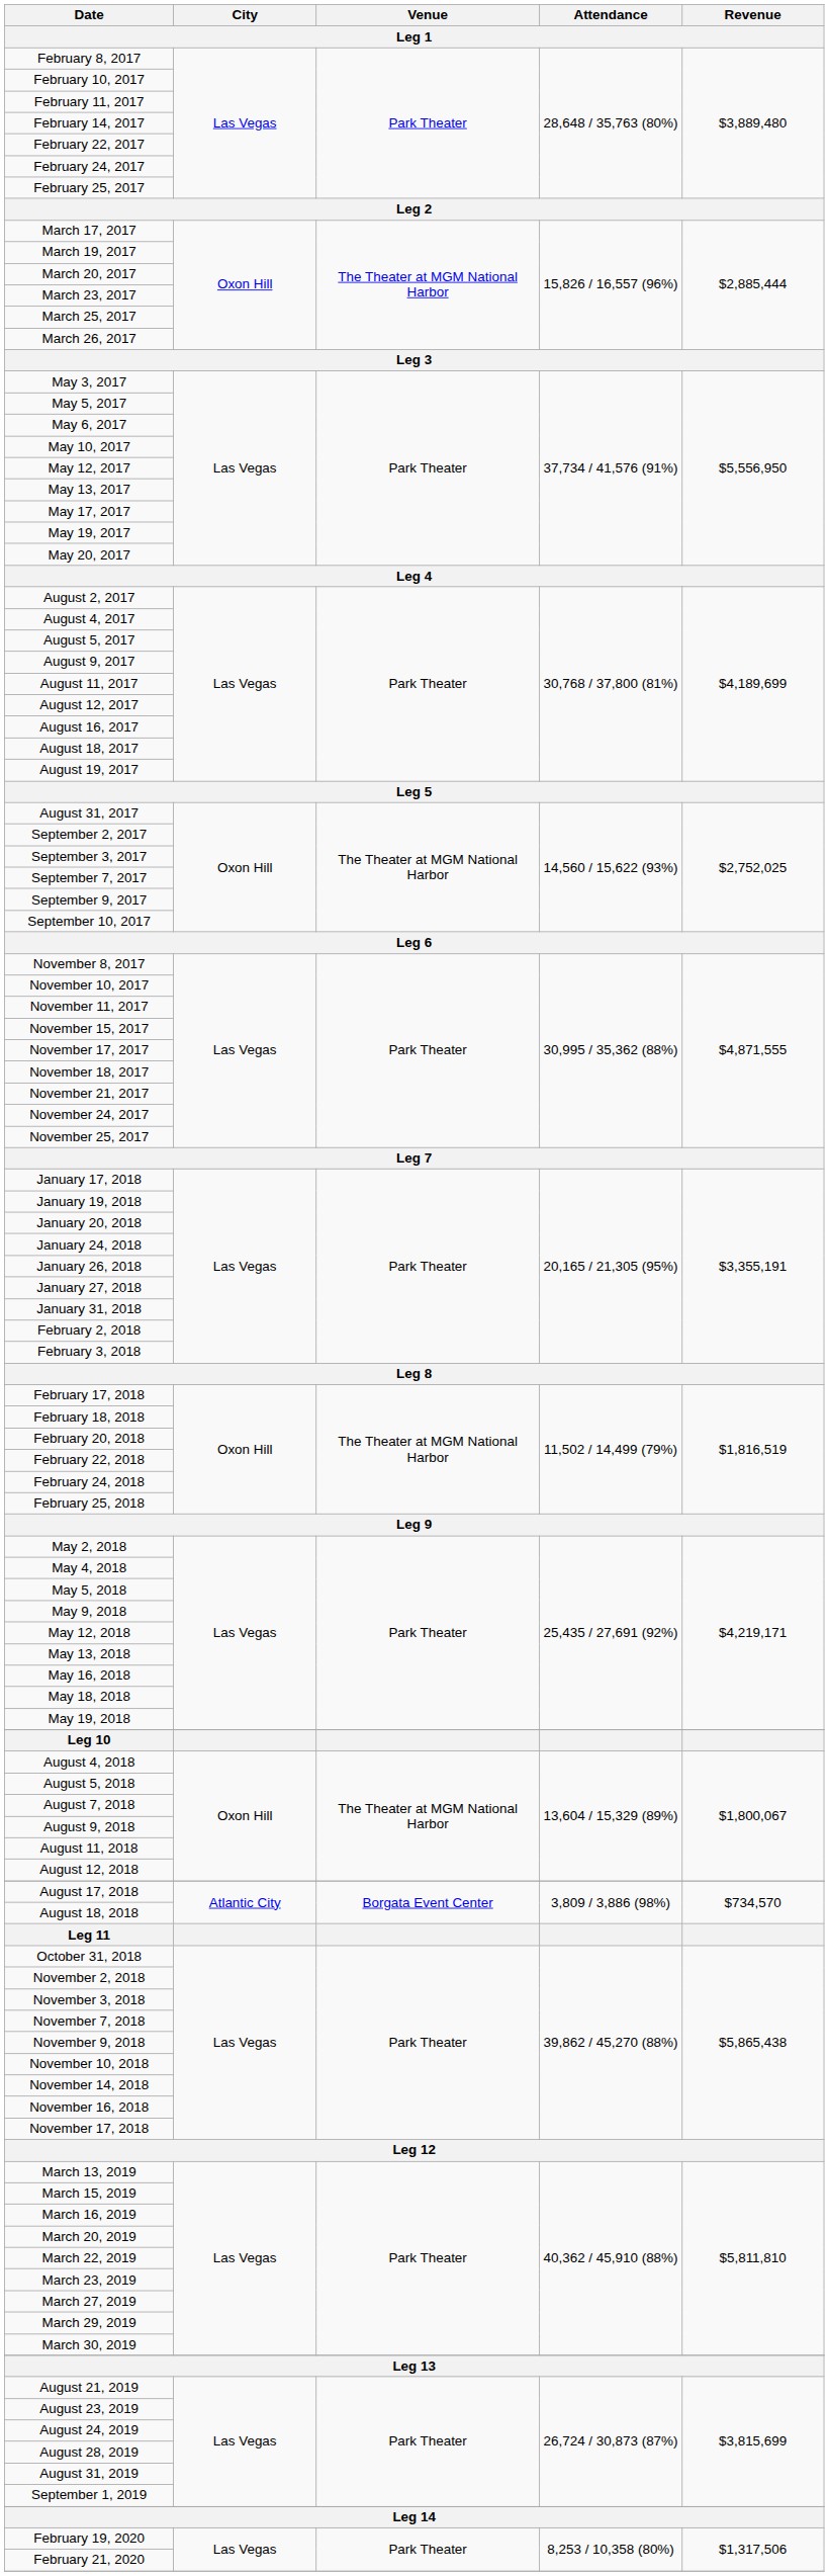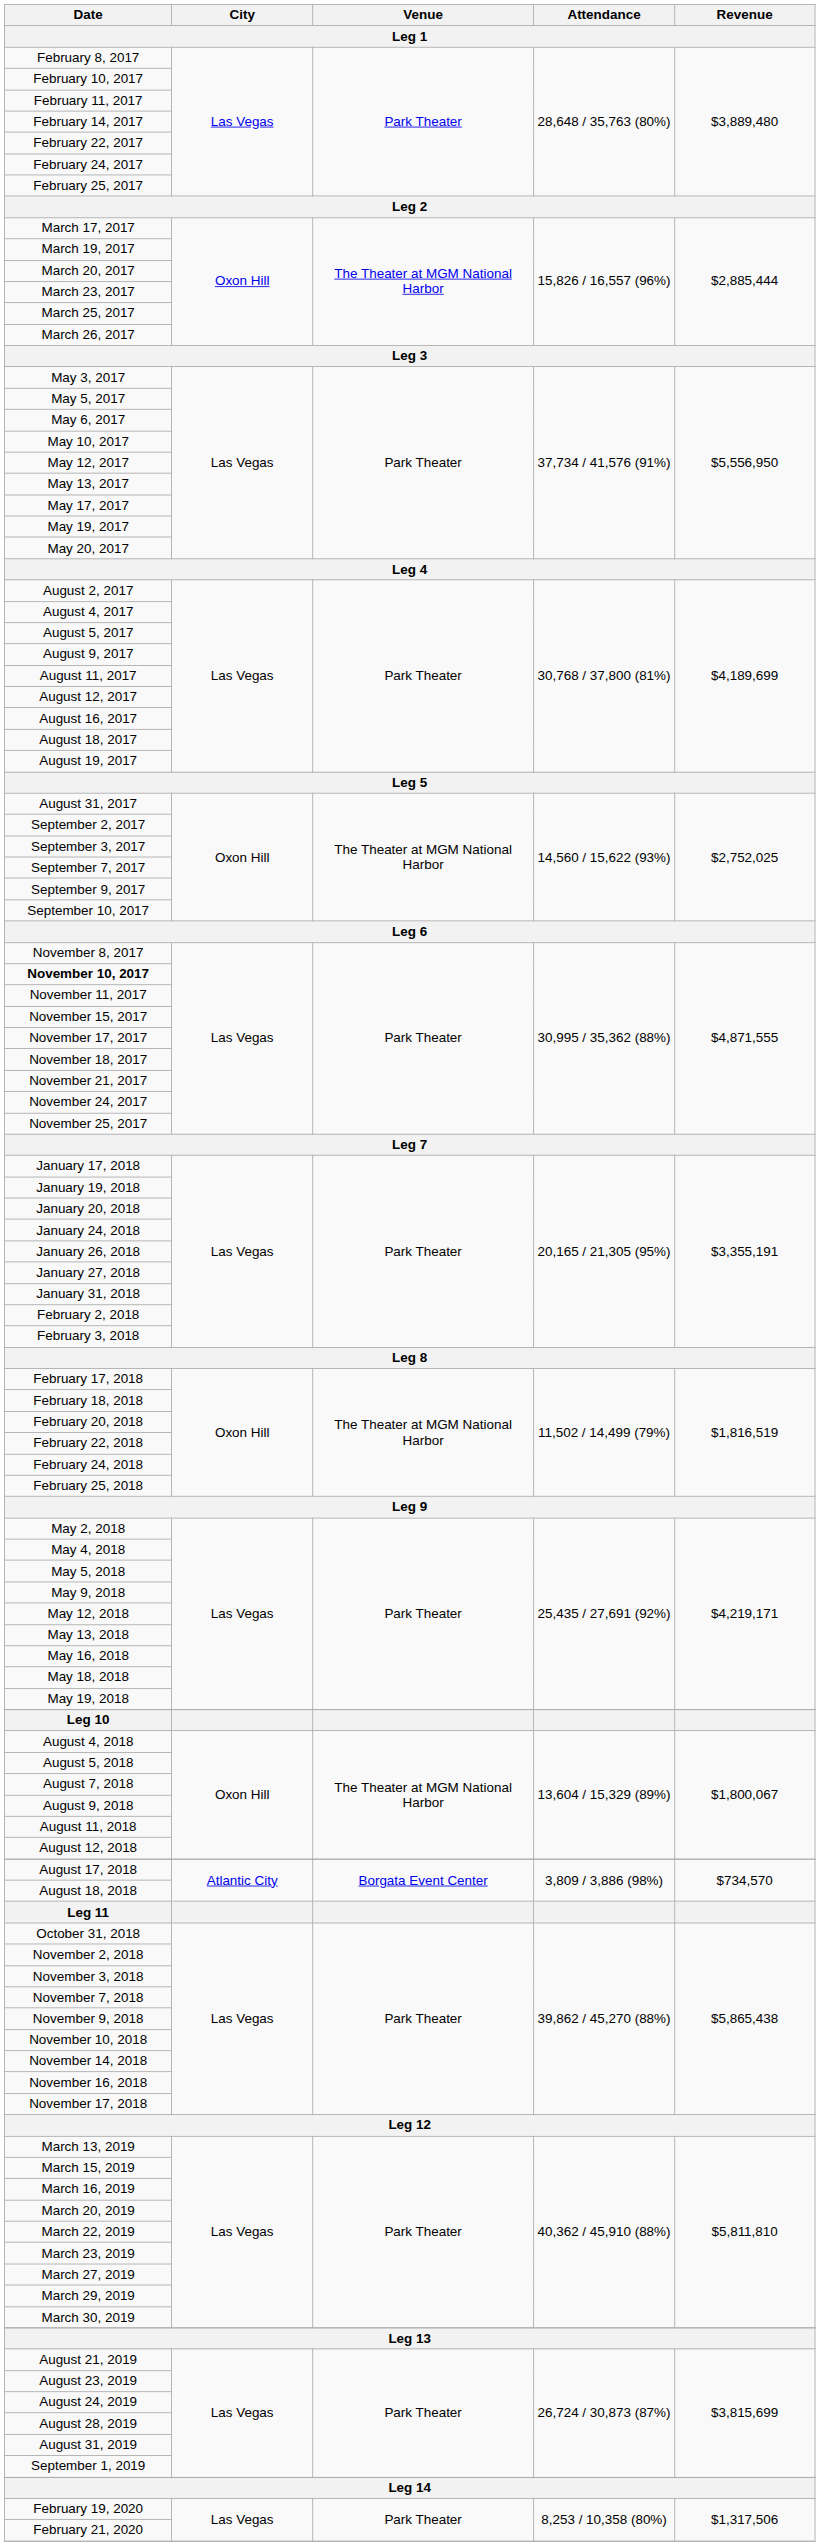 <table class="wikitable plainrowheaders" style="text-align:center;">
 <tr>
 <th scope="col" style="width:12em;">Date</th>
 <th scope="col" style="width:10em;">City</th>
 <th scope="col" style="width:16em;">Venue</th>
 <th scope="col" style="width:10em;">Attendance</th>
 <th scope="col" style="width:10em;">Revenue</th>
 </tr>
 <tr>
 <th colspan="5">Leg 1</th>
 </tr>
 <tr>
 <td>February 8, 2017</td>
 <td rowspan="7"><a href='#'>Las Vegas</a></td>
 <td rowspan="7"><a href='#'>Park Theater</a></td>
 <td rowspan="7">28,648 / 35,763 (80%)</td>
 <td rowspan="7">$3,889,480</td>
 </tr>
 <tr>
 <td>February 10, 2017</td>
 </tr>
 <tr>
 <td>February 11, 2017</td>
 </tr>
 <tr>
 <td>February 14, 2017</td>
 </tr>
 <tr>
 <td>February 22, 2017</td>
 </tr>
 <tr>
 <td>February 24, 2017</td>
 </tr>
 <tr>
 <td>February 25, 2017</td>
 </tr>
 <tr>
 <th colspan="5">Leg 2</th>
 </tr>
 <tr>
 <td>March 17, 2017</td>
 <td rowspan="6"><a href='#'>Oxon Hill</a></td>
 <td rowspan="6"><a href='#'>The Theater at MGM National Harbor</a></td>
 <td rowspan="6">15,826 / 16,557 (96%)</td>
 <td rowspan="6">$2,885,444</td>
 </tr>
 <tr>
 <td>March 19, 2017</td>
 </tr>
 <tr>
 <td>March 20, 2017</td>
 </tr>
 <tr>
 <td>March 23, 2017</td>
 </tr>
 <tr>
 <td>March 25, 2017</td>
 </tr>
 <tr>
 <td>March 26, 2017</td>
 </tr>
 <tr>
 <th colspan="5">Leg 3</th>
 </tr>
 <tr>
 <td>May 3, 2017</td>
 <td rowspan="9">Las Vegas</td>
 <td rowspan="9">Park Theater</td>
 <td rowspan="9">37,734 / 41,576 (91%)</td>
 <td rowspan="9">$5,556,950</td>
 </tr>
 <tr>
 <td>May 5, 2017</td>
 </tr>
 <tr>
 <td>May 6, 2017</td>
 </tr>
 <tr>
 <td>May 10, 2017</td>
 </tr>
 <tr>
 <td>May 12, 2017</td>
 </tr>
 <tr>
 <td>May 13, 2017</td>
 </tr>
 <tr>
 <td>May 17, 2017</td>
 </tr>
 <tr>
 <td>May 19, 2017</td>
 </tr>
 <tr>
 <td>May 20, 2017</td>
 </tr>
 <tr>
 <th colspan="5">Leg 4</th>
 </tr>
 <tr>
 <td>August 2, 2017</td>
 <td rowspan="9">Las Vegas</td>
 <td rowspan="9">Park Theater</td>
 <td rowspan="9">30,768 / 37,800 (81%)</td>
 <td rowspan="9">$4,189,699</td>
 </tr>
 <tr>
 <td>August 4, 2017</td>
 </tr>
 <tr>
 <td>August 5, 2017</td>
 </tr>
 <tr>
 <td>August 9, 2017</td>
 </tr>
 <tr>
 <td>August 11, 2017</td>
 </tr>
 <tr>
 <td>August 12, 2017</td>
 </tr>
 <tr>
 <td>August 16, 2017</td>
 </tr>
 <tr>
 <td>August 18, 2017</td>
 </tr>
 <tr>
 <td>August 19, 2017</td>
 </tr>
 <tr>
 <th colspan="5">Leg 5</th>
 </tr>
 <tr>
 <td>August 31, 2017</td>
 <td rowspan="6">Oxon Hill</td>
 <td rowspan="6">The Theater at MGM National Harbor</td>
 <td rowspan="6">14,560 / 15,622 (93%)</td>
 <td rowspan="6">$2,752,025</td>
 </tr>
 <tr>
 <td>September 2, 2017</td>
 </tr>
 <tr>
 <td>September 3, 2017</td>
 </tr>
 <tr>
 <td>September 7, 2017</td>
 </tr>
 <tr>
 <td>September 9, 2017</td>
 </tr>
 <tr>
 <td>September 10, 2017</td>
 </tr>
 <tr>
 <th colspan="5"><strong>Leg 6</strong></th>
 </tr>
 <tr>
 <td>November 8, 2017</td>
 <td rowspan="9">Las Vegas</td>
 <td rowspan="9">Park Theater</td>
 <td rowspan="9">30,995 / 35,362 (88%)</td>
 <td rowspan="9">$4,871,555</td>
 </tr>
 <tr>
-<td>November 10, 2017</td>
+<td><strong>November 10, 2017</strong></td>
 </tr>
 <tr>
 <td>November 11, 2017</td>
 </tr>
 <tr>
 <td>November 15, 2017</td>
 </tr>
 <tr>
 <td>November 17, 2017</td>
 </tr>
 <tr>
 <td>November 18, 2017</td>
 </tr>
 <tr>
 <td>November 21, 2017</td>
 </tr>
 <tr>
 <td>November 24, 2017</td>
 </tr>
 <tr>
 <td>November 25, 2017</td>
 </tr>
 <tr>
 <th colspan="5"><strong>Leg 7</strong></th>
 </tr>
 <tr>
 <td>January 17, 2018</td>
 <td rowspan="9">Las Vegas</td>
 <td rowspan="9">Park Theater</td>
 <td rowspan="9">20,165 / 21,305 (95%)</td>
 <td rowspan="9">$3,355,191</td>
 </tr>
 <tr>
 <td>January 19, 2018</td>
 </tr>
 <tr>
 <td>January 20, 2018</td>
 </tr>
 <tr>
 <td>January 24, 2018</td>
 </tr>
 <tr>
 <td>January 26, 2018</td>
 </tr>
 <tr>
 <td>January 27, 2018</td>
 </tr>
 <tr>
 <td>January 31, 2018</td>
 </tr>
 <tr>
 <td>February 2, 2018</td>
 </tr>
 <tr>
 <td>February 3, 2018</td>
 </tr>
 <tr>
 <th colspan="5"><strong>Leg 8</strong></th>
 </tr>
 <tr>
 <td>February 17, 2018</td>
 <td rowspan="6">Oxon Hill</td>
 <td rowspan="6">The Theater at MGM National Harbor</td>
 <td rowspan="6">11,502 / 14,499 (79%)</td>
 <td rowspan="6">$1,816,519</td>
 </tr>
 <tr>
 <td>February 18, 2018</td>
 </tr>
 <tr>
 <td>February 20, 2018</td>
 </tr>
 <tr>
 <td>February 22, 2018</td>
 </tr>
 <tr>
 <td>February 24, 2018</td>
 </tr>
 <tr>
 <td>February 25, 2018</td>
 </tr>
 <tr>
 <th colspan="5"><strong>Leg 9</strong></th>
 </tr>
 <tr>
 <td>May 2, 2018</td>
 <td rowspan="9">Las Vegas</td>
 <td rowspan="9">Park Theater</td>
 <td rowspan="9">25,435 / 27,691 (92%)</td>
 <td rowspan="9">$4,219,171</td>
 </tr>
 <tr>
 <td>May 4, 2018</td>
 </tr>
 <tr>
 <td>May 5, 2018</td>
 </tr>
 <tr>
 <td>May 9, 2018</td>
 </tr>
 <tr>
 <td>May 12, 2018</td>
 </tr>
 <tr>
 <td>May 13, 2018</td>
 </tr>
 <tr>
 <td>May 16, 2018</td>
 </tr>
 <tr>
 <td>May 18, 2018</td>
 </tr>
 <tr>
 <td>May 19, 2018</td>
 </tr>
 <tr>
 </tr>
 <tr>
 <th>Leg 10</th>
 <th></th>
 <th></th>
 <th></th>
 <th></th>
 </tr>
 <tr>
 <td>August 4, 2018</td>
 <td rowspan="6">Oxon Hill</td>
 <td rowspan="6">The Theater at MGM National Harbor</td>
 <td rowspan="6">13,604 / 15,329 (89%)</td>
 <td rowspan="6">$1,800,067</td>
 </tr>
 <tr>
 <td>August 5, 2018</td>
 </tr>
 <tr>
 <td>August 7, 2018</td>
 </tr>
 <tr>
 <td>August 9, 2018</td>
 </tr>
 <tr>
 <td>August 11, 2018</td>
 </tr>
 <tr>
 <td>August 12, 2018</td>
 </tr>
 <tr>
 </tr>
 <tr>
 <td>August 17, 2018</td>
 <td rowspan="2"><a href='#'>Atlantic City</a></td>
 <td rowspan="2"><a href='#'>Borgata Event Center</a></td>
 <td rowspan="2">3,809 / 3,886 (98%)</td>
 <td rowspan="2">$734,570</td>
 </tr>
 <tr>
 <td>August 18, 2018</td>
 </tr>
 <tr>
 <th>Leg 11</th>
 <th></th>
 <th></th>
 <th></th>
 <th></th>
 </tr>
 <tr>
 <td>October 31, 2018</td>
 <td rowspan="9">Las Vegas</td>
 <td rowspan="9">Park Theater</td>
 <td rowspan="9">39,862 / 45,270 (88%)</td>
 <td rowspan="9">$5,865,438</td>
 </tr>
 <tr>
 <td>November 2, 2018</td>
 </tr>
 <tr>
 <td>November 3, 2018</td>
 </tr>
 <tr>
 <td>November 7, 2018</td>
 </tr>
 <tr>
 <td>November 9, 2018</td>
 </tr>
 <tr>
 <td>November 10, 2018</td>
 </tr>
 <tr>
 <td>November 14, 2018</td>
 </tr>
 <tr>
 <td>November 16, 2018</td>
 </tr>
 <tr>
 <td>November 17, 2018</td>
 </tr>
 <tr>
 <th colspan="5">Leg 12</th>
 </tr>
 <tr>
 <td>March 13, 2019</td>
 <td rowspan="9">Las Vegas</td>
 <td rowspan="9">Park Theater</td>
 <td rowspan="9">40,362 / 45,910 (88%)</td>
 <td rowspan="9">$5,811,810</td>
 </tr>
 <tr>
 <td>March 15, 2019</td>
 </tr>
 <tr>
 <td>March 16, 2019</td>
 </tr>
 <tr>
 <td>March 20, 2019</td>
 </tr>
 <tr>
 <td>March 22, 2019</td>
 </tr>
 <tr>
 <td>March 23, 2019</td>
 </tr>
 <tr>
 <td>March 27, 2019</td>
 </tr>
 <tr>
 <td>March 29, 2019</td>
 </tr>
 <tr>
 <td>March 30, 2019</td>
 </tr>
 <tr>
 </tr>
 <tr>
 <th colspan="5">Leg 13</th>
 </tr>
 <tr>
 <td>August 21, 2019</td>
 <td rowspan="6">Las Vegas</td>
 <td rowspan="6">Park Theater</td>
 <td rowspan="6">26,724 / 30,873 (87%)</td>
 <td rowspan="6">$3,815,699</td>
 </tr>
 <tr>
 <td>August 23, 2019</td>
 </tr>
 <tr>
 <td>August 24, 2019</td>
 </tr>
 <tr>
 <td>August 28, 2019</td>
 </tr>
 <tr>
 <td>August 31, 2019</td>
 </tr>
 <tr>
 <td>September 1, 2019</td>
 </tr>
 <tr>
 </tr>
 <tr>
 <th colspan="5">Leg 14</th>
 </tr>
 <tr>
 <td>February 19, 2020</td>
 <td rowspan="2">Las Vegas</td>
 <td rowspan="2">Park Theater</td>
 <td rowspan="2">8,253 / 10,358 (80%)</td>
 <td rowspan="2">$1,317,506</td>
 </tr>
 <tr>
 <td>February 21, 2020</td>
 </tr>
 <tr>
 </tr>
 </table>
